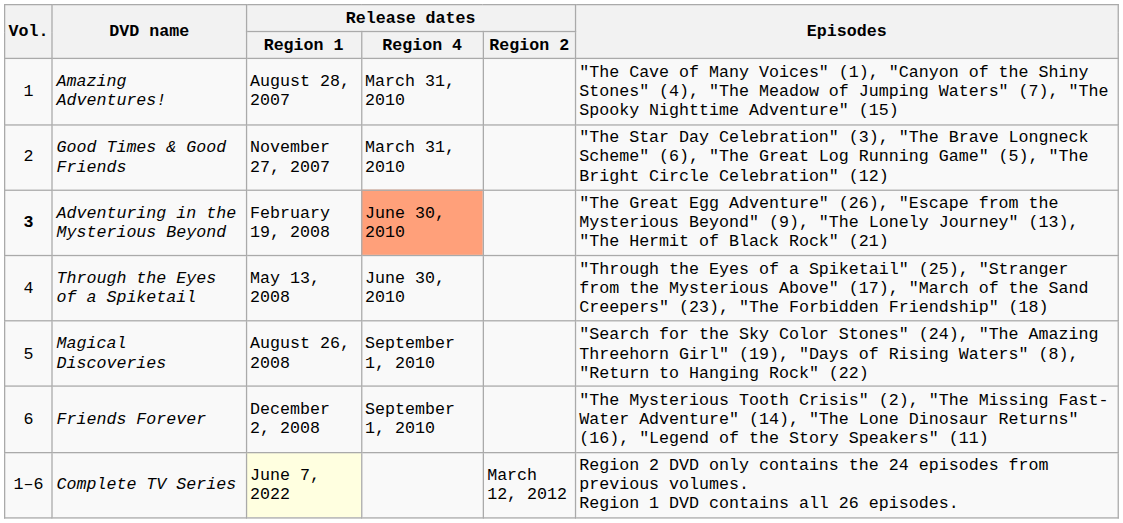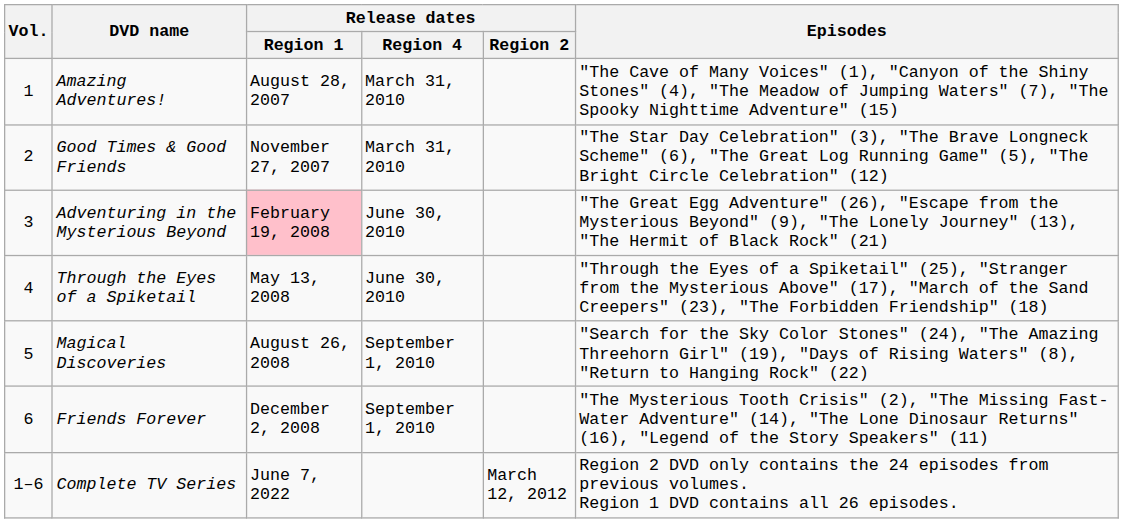 <table class="wikitable">
 <tr>
 <th rowspan="2">Vol.</th>
 <th rowspan="2">DVD name</th>
 <th colspan="3">Release dates</th>
 <th rowspan="2">Episodes</th>
 </tr>
 <tr>
 <th>Region 1</th>
 <th>Region 4</th>
 <th>Region 2</th>
 </tr>
 <tr>
 <td style="text-align:center;">1</td>
 <td><em>Amazing Adventures!</em></td>
 <td>August 28, 2007</td>
 <td>March 31, 2010</td>
 <td></td>
 <td>"The Cave of Many Voices" (1), "Canyon of the Shiny Stones" (4), "The Meadow of Jumping Waters" (7), "The Spooky Nighttime Adventure" (15)</td>
 </tr>
 <tr>
 <td style="text-align:center;">2</td>
 <td><em>Good Times & Good Friends</em></td>
 <td>November 27, 2007</td>
 <td>March 31, 2010</td>
 <td></td>
 <td>"The Star Day Celebration" (3), "The Brave Longneck Scheme" (6), "The Great Log Running Game" (5), "The Bright Circle Celebration" (12)</td>
 </tr>
 <tr>
-<td style="text-align:center;"><strong>3</strong></td>
+<td style="text-align:center;">3</td>
 <td><em>Adventuring in the Mysterious Beyond</em></td>
-<td>February 19, 2008</td>
-<td style="background: lightsalmon;">June 30, 2010</td>
+<td style="background: pink;">February 19, 2008</td>
+<td>June 30, 2010</td>
 <td></td>
 <td>"The Great Egg Adventure" (26), "Escape from the Mysterious Beyond" (9), "The Lonely Journey" (13), "The Hermit of Black Rock" (21)</td>
 </tr>
 <tr>
 <td style="text-align:center;">4</td>
 <td><em>Through the Eyes of a Spiketail</em></td>
 <td>May 13, 2008</td>
 <td>June 30, 2010</td>
 <td></td>
 <td>"Through the Eyes of a Spiketail" (25), "Stranger from the Mysterious Above" (17), "March of the Sand Creepers" (23), "The Forbidden Friendship" (18)</td>
 </tr>
 <tr>
 <td style="text-align:center;">5</td>
 <td><em>Magical Discoveries</em></td>
 <td>August 26, 2008</td>
 <td>September 1, 2010</td>
 <td></td>
 <td>"Search for the Sky Color Stones" (24), "The Amazing Threehorn Girl" (19), "Days of Rising Waters" (8), "Return to Hanging Rock" (22)</td>
 </tr>
 <tr>
 <td style="text-align:center;">6</td>
 <td><em>Friends Forever</em></td>
 <td>December 2, 2008</td>
 <td>September 1, 2010</td>
 <td></td>
 <td>"The Mysterious Tooth Crisis" (2), "The Missing Fast-Water Adventure" (14), "The Lone Dinosaur Returns" (16), "Legend of the Story Speakers" (11)</td>
 </tr>
 <tr>
 <td style="text-align:center;">1–6</td>
 <td><em>Complete TV Series</em></td>
-<td style="background: lightyellow;">June 7, 2022</td>
+<td>June 7, 2022</td>
 <td></td>
 <td>March 12, 2012</td>
 <td>Region 2 DVD only contains the 24 episodes from previous volumes.<br>Region 1 DVD contains all 26 episodes.</td>
 </tr>
 </table>
